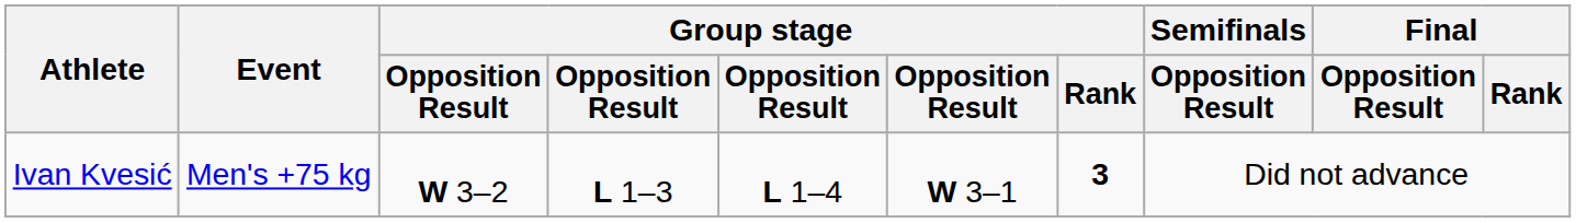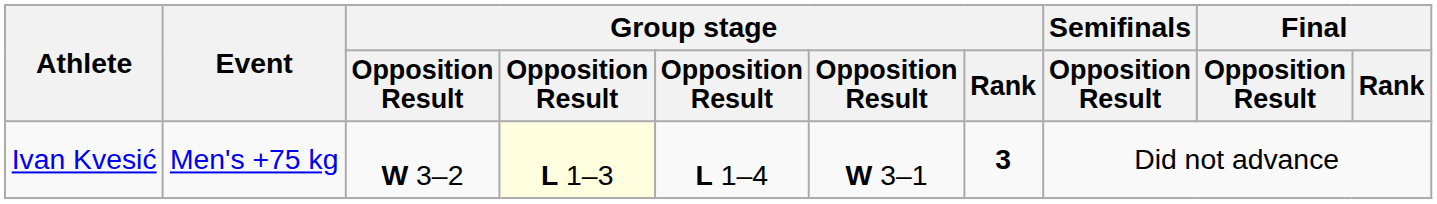 <table class="wikitable" style="font-size:90%;">
 <tr>
 <th rowspan=2>Athlete</th>
 <th rowspan=2>Event</th>
 <th colspan=5>Group stage</th>
 <th>Semifinals</th>
 <th colspan=2>Final</th>
 </tr>
 <tr style="font-size:95%">
 <th>Opposition<br>Result</th>
 <th>Opposition<br>Result</th>
 <th>Opposition<br>Result</th>
 <th>Opposition<br>Result</th>
 <th>Rank</th>
 <th>Opposition<br>Result</th>
 <th>Opposition<br>Result</th>
 <th>Rank</th>
 </tr>
 <tr align=center>
 <td align=left><a href='#'>Ivan Kvesić</a></td>
 <td align=left><a href='#'>Men's +75 kg</a></td>
 <td><br> <strong>W</strong> 3–2</td>
-<td><br> <strong>L</strong> 1–3</td>
+<td style="background: lightyellow;"><br> <strong>L</strong> 1–3</td>
 <td><br><strong>L</strong> 1–4</td>
 <td><br><strong>W</strong> 3–1</td>
 <td><strong>3</strong></td>
 <td colspan=3>Did not advance</td>
 </tr>
 </table>
